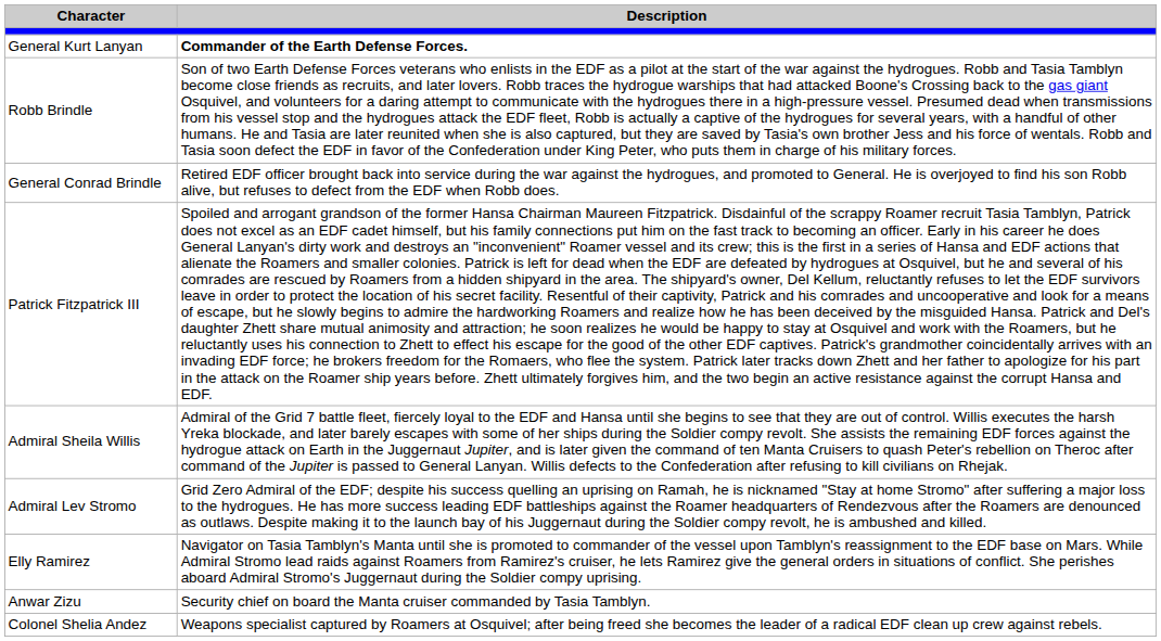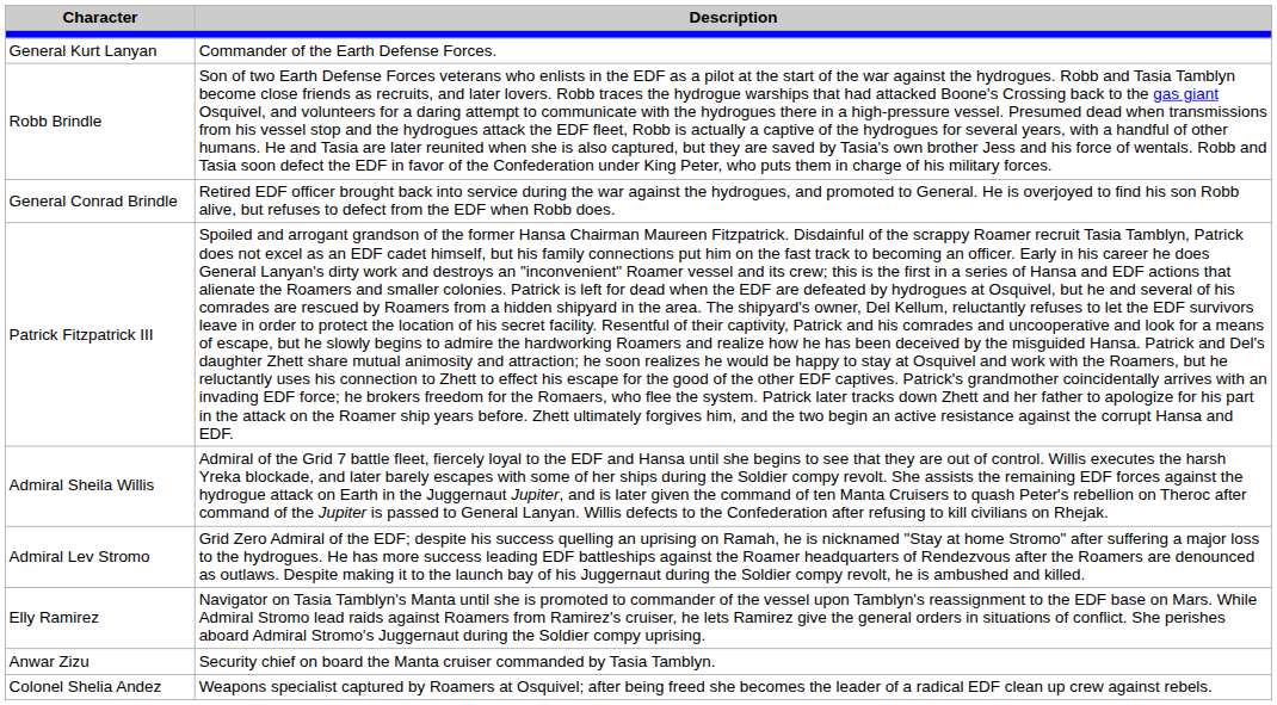 <table class="wikitable" style="width:100%; margin-right:auto; background:#fff;">
 <tr style="color:black">
 <th style="background:#ccc; width:15%;">Character</th>
 <th style="background:#ccc; width:85%;">Description</th>
 </tr>
 <tr>
 <td colspan="3" style="background:blue;"></td>
 </tr>
 <tr>
 <td>General Kurt Lanyan</td>
-<td><strong>Commander of the Earth Defense Forces.</strong></td>
+<td>Commander of the Earth Defense Forces.</td>
 </tr>
 <tr>
 <td>Robb Brindle</td>
 <td>Son of two Earth Defense Forces veterans who enlists in the EDF as a pilot at the start of the war against the hydrogues. Robb and Tasia Tamblyn become close friends as recruits, and later lovers. Robb traces the hydrogue warships that had attacked Boone's Crossing back to the <a href='#'>gas giant</a> Osquivel, and volunteers for a daring attempt to communicate with the hydrogues there in a high-pressure vessel. Presumed dead when transmissions from his vessel stop and the hydrogues attack the EDF fleet, Robb is actually a captive of the hydrogues for several years, with a handful of other humans. He and Tasia are later reunited when she is also captured, but they are saved by Tasia's own brother Jess and his force of wentals. Robb and Tasia soon defect the EDF in favor of the Confederation under King Peter, who puts them in charge of his military forces.</td>
 </tr>
 <tr>
 <td>General Conrad Brindle</td>
 <td>Retired EDF officer brought back into service during the war against the hydrogues, and promoted to General. He is overjoyed to find his son Robb alive, but refuses to defect from the EDF when Robb does.</td>
 </tr>
 <tr>
 <td>Patrick Fitzpatrick III</td>
 <td>Spoiled and arrogant grandson of the former Hansa Chairman Maureen Fitzpatrick. Disdainful of the scrappy Roamer recruit Tasia Tamblyn, Patrick does not excel as an EDF cadet himself, but his family connections put him on the fast track to becoming an officer. Early in his career he does General Lanyan's dirty work and destroys an "inconvenient" Roamer vessel and its crew; this is the first in a series of Hansa and EDF actions that alienate the Roamers and smaller colonies. Patrick is left for dead when the EDF are defeated by hydrogues at Osquivel, but he and several of his comrades are rescued by Roamers from a hidden shipyard in the area. The shipyard's owner, Del Kellum, reluctantly refuses to let the EDF survivors leave in order to protect the location of his secret facility. Resentful of their captivity, Patrick and his comrades and uncooperative and look for a means of escape, but he slowly begins to admire the hardworking Roamers and realize how he has been deceived by the misguided Hansa. Patrick and Del's daughter Zhett share mutual animosity and attraction; he soon realizes he would be happy to stay at Osquivel and work with the Roamers, but he reluctantly uses his connection to Zhett to effect his escape for the good of the other EDF captives. Patrick's grandmother coincidentally arrives with an invading EDF force; he brokers freedom for the Romaers, who flee the system. Patrick later tracks down Zhett and her father to apologize for his part in the attack on the Roamer ship years before. Zhett ultimately forgives him, and the two begin an active resistance against the corrupt Hansa and EDF.</td>
 </tr>
 <tr>
 <td>Admiral Sheila Willis</td>
 <td>Admiral of the Grid 7 battle fleet, fiercely loyal to the EDF and Hansa until she begins to see that they are out of control. Willis executes the harsh Yreka blockade, and later barely escapes with some of her ships during the Soldier compy revolt. She assists the remaining EDF forces against the hydrogue attack on Earth in the Juggernaut <em>Jupiter</em>, and is later given the command of ten Manta Cruisers to quash Peter's rebellion on Theroc after command of the <em>Jupiter</em> is passed to General Lanyan. Willis defects to the Confederation after refusing to kill civilians on Rhejak.</td>
 </tr>
 <tr>
 <td>Admiral Lev Stromo</td>
 <td>Grid Zero Admiral of the EDF; despite his success quelling an uprising on Ramah, he is nicknamed "Stay at home Stromo" after suffering a major loss to the hydrogues. He has more success leading EDF battleships against the Roamer headquarters of Rendezvous after the Roamers are denounced as outlaws. Despite making it to the launch bay of his Juggernaut during the Soldier compy revolt, he is ambushed and killed.</td>
 </tr>
 <tr>
 <td>Elly Ramirez</td>
 <td>Navigator on Tasia Tamblyn's Manta until she is promoted to commander of the vessel upon Tamblyn's reassignment to the EDF base on Mars. While Admiral Stromo lead raids against Roamers from Ramirez's cruiser, he lets Ramirez give the general orders in situations of conflict. She perishes aboard Admiral Stromo's Juggernaut during the Soldier compy uprising.</td>
 </tr>
 <tr>
 <td>Anwar Zizu</td>
 <td>Security chief on board the Manta cruiser commanded by Tasia Tamblyn.</td>
 </tr>
 <tr>
 <td>Colonel Shelia Andez</td>
 <td>Weapons specialist captured by Roamers at Osquivel; after being freed she becomes the leader of a radical EDF clean up crew against rebels.</td>
 </tr>
 </table>
